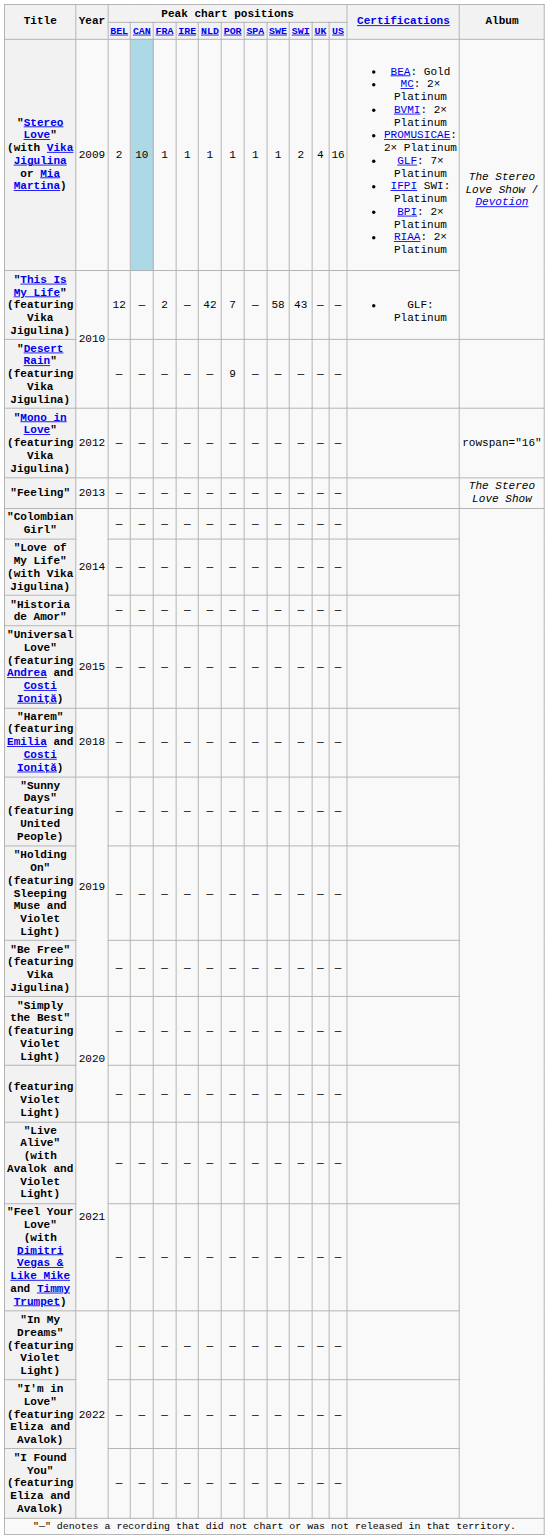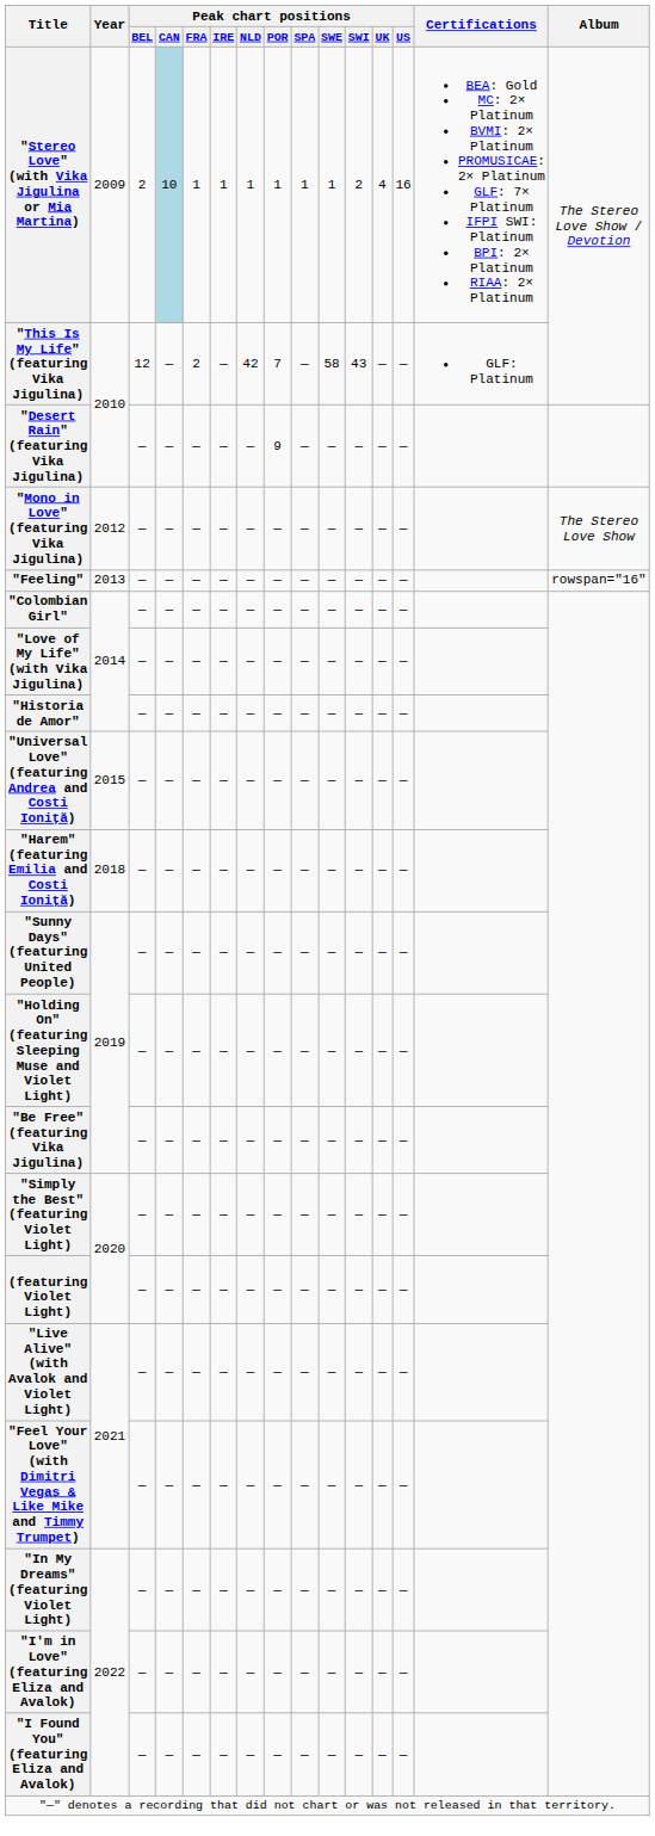 <table class="wikitable plainrowheaders" style="text-align:center;" border="1">
 <tr>
 <th scope="col" rowspan="2" style="width:20em;">Title</th>
 <th scope="col" rowspan="2" style="width:1em;">Year</th>
 <th scope="col" colspan="11">Peak chart positions</th>
 <th scope="col" rowspan="2" style="width:14em;"><a href='#'>Certifications</a></th>
 <th scope="col" rowspan="2" style="width:18em;">Album</th>
 </tr>
 <tr>
 <th style="width:3em;font-size:90%"><a href='#'>BEL</a> <br></th>
 <th style="width:3em;font-size:90%"><a href='#'>CAN</a> <br></th>
 <th style="width:3em;font-size:90%"><a href='#'>FRA</a> <br></th>
 <th style="width:3em;font-size:90%"><a href='#'>IRE</a> <br></th>
 <th style="width:3em;font-size:90%"><a href='#'>NLD</a> <br></th>
 <th style="width:3em;font-size:90%"><a href='#'>POR</a> <br></th>
 <th style="width:3em;font-size:90%"><a href='#'>SPA</a> <br></th>
 <th style="width:3em;font-size:90%"><a href='#'>SWE</a> <br></th>
 <th style="width:3em;font-size:90%"><a href='#'>SWI</a> <br></th>
 <th style="width:3em;font-size:90%"><a href='#'>UK</a> <br></th>
 <th style="width:3em;font-size:90%"><a href='#'>US</a> <br></th>
 </tr>
 <tr>
 <th scope="row">"<a href='#'>Stereo Love</a>" <br><span>(with <a href='#'>Vika Jigulina</a> or <a href='#'>Mia Martina</a>)</span></th>
 <td>2009</td>
 <td>2</td>
 <td style="background: lightblue;">10</td>
 <td>1</td>
 <td>1</td>
 <td>1</td>
 <td>1</td>
 <td>1</td>
 <td>1</td>
 <td>2</td>
 <td>4</td>
 <td>16</td>
 <td><br><ul><li><a href='#'>BEA</a>: Gold</li><li><a href='#'>MC</a>: 2× Platinum</li><li><a href='#'>BVMI</a>: 2× Platinum</li><li><a href='#'>PROMUSICAE</a>: 2× Platinum</li><li><a href='#'>GLF</a>: 7× Platinum</li><li><a href='#'>IFPI</a> SWI: Platinum</li><li><a href='#'>BPI</a>: 2× Platinum</li><li><a href='#'>RIAA</a>: 2× Platinum</li></ul></td>
 <td rowspan="2"><em>The Stereo Love Show</em> /<br><em><a href='#'>Devotion</a></em></td>
 </tr>
 <tr>
 <th scope="row">"<a href='#'>This Is My Life</a>" <br><span>(featuring Vika Jigulina)</span></th>
 <td rowspan="2">2010</td>
 <td>12</td>
 <td>—</td>
 <td>2</td>
 <td>—</td>
 <td>42</td>
 <td>7</td>
 <td>—</td>
 <td>58</td>
 <td>43</td>
 <td>—</td>
 <td>—</td>
 <td><br><ul><li>GLF: Platinum</li></ul></td>
 </tr>
 <tr>
 <th scope="row">"<a href='#'>Desert Rain</a>" <br><span>(featuring Vika Jigulina)</span></th>
 <td>—</td>
 <td>—</td>
 <td>—</td>
 <td>—</td>
 <td>—</td>
 <td>9</td>
 <td>—</td>
 <td>—</td>
 <td>—</td>
 <td>—</td>
 <td>—</td>
 <td></td>
 <td></td>
 </tr>
 <tr>
 <th scope="row">"<a href='#'>Mono in Love</a>" <br><span>(featuring Vika Jigulina)</span></th>
 <td>2012</td>
 <td>—</td>
 <td>—</td>
 <td>—</td>
 <td>—</td>
 <td>—</td>
 <td>—</td>
 <td>—</td>
 <td>—</td>
 <td>—</td>
 <td>—</td>
 <td>—</td>
 <td></td>
-<td>rowspan="16" </td>
+<td><em>The Stereo Love Show</em></td>
 </tr>
 <tr>
 <th scope="row">"Feeling"</th>
 <td>2013</td>
 <td>—</td>
 <td>—</td>
 <td>—</td>
 <td>—</td>
 <td>—</td>
 <td>—</td>
 <td>—</td>
 <td>—</td>
 <td>—</td>
 <td>—</td>
 <td>—</td>
 <td></td>
-<td><em>The Stereo Love Show</em></td>
+<td>rowspan="16" </td>
 </tr>
 <tr>
 <th scope="row">"Colombian Girl"</th>
 <td rowspan="3">2014</td>
 <td>—</td>
 <td>—</td>
 <td>—</td>
 <td>—</td>
 <td>—</td>
 <td>—</td>
 <td>—</td>
 <td>—</td>
 <td>—</td>
 <td>—</td>
 <td>—</td>
 <td></td>
 </tr>
 <tr>
 <th scope="row">"Love of My Life" <br><span>(with Vika Jigulina)</span></th>
 <td>—</td>
 <td>—</td>
 <td>—</td>
 <td>—</td>
 <td>—</td>
 <td>—</td>
 <td>—</td>
 <td>—</td>
 <td>—</td>
 <td>—</td>
 <td>—</td>
 <td></td>
 </tr>
 <tr>
 <th scope="row">"Historia de Amor"</th>
 <td>—</td>
 <td>—</td>
 <td>—</td>
 <td>—</td>
 <td>—</td>
 <td>—</td>
 <td>—</td>
 <td>—</td>
 <td>—</td>
 <td>—</td>
 <td>—</td>
 <td></td>
 </tr>
 <tr>
 <th scope="row">"Universal Love" <br><span>(featuring <a href='#'>Andrea</a> and <a href='#'>Costi Ioniţă</a>)</span></th>
 <td>2015</td>
 <td>—</td>
 <td>—</td>
 <td>—</td>
 <td>—</td>
 <td>—</td>
 <td>—</td>
 <td>—</td>
 <td>—</td>
 <td>—</td>
 <td>—</td>
 <td>—</td>
 <td></td>
 </tr>
 <tr>
 <th scope="row">"Harem" <br><span>(featuring <a href='#'>Emilia</a> and <a href='#'>Costi Ioniţă</a>)</span></th>
 <td>2018</td>
 <td>—</td>
 <td>—</td>
 <td>—</td>
 <td>—</td>
 <td>—</td>
 <td>—</td>
 <td>—</td>
 <td>—</td>
 <td>—</td>
 <td>—</td>
 <td>—</td>
 <td></td>
 </tr>
 <tr>
 <th scope="row">"Sunny Days" <br><span>(featuring United People)</span></th>
 <td rowspan="3">2019</td>
 <td>—</td>
 <td>—</td>
 <td>—</td>
 <td>—</td>
 <td>—</td>
 <td>—</td>
 <td>—</td>
 <td>—</td>
 <td>—</td>
 <td>—</td>
 <td>—</td>
 <td></td>
 </tr>
 <tr>
 <th scope="row">"Holding On" <br><span>(featuring Sleeping Muse and Violet Light)</span></th>
 <td>—</td>
 <td>—</td>
 <td>—</td>
 <td>—</td>
 <td>—</td>
 <td>—</td>
 <td>—</td>
 <td>—</td>
 <td>—</td>
 <td>—</td>
 <td>—</td>
 <td></td>
 </tr>
 <tr>
 <th scope="row">"Be Free" <br><span>(featuring Vika Jigulina)</span></th>
 <td>—</td>
 <td>—</td>
 <td>—</td>
 <td>—</td>
 <td>—</td>
 <td>—</td>
 <td>—</td>
 <td>—</td>
 <td>—</td>
 <td>—</td>
 <td>—</td>
 <td></td>
 </tr>
 <tr>
 <th scope="row">"Simply the Best" <br><span>(featuring Violet Light)</span></th>
 <td rowspan="2">2020</td>
 <td>—</td>
 <td>—</td>
 <td>—</td>
 <td>—</td>
 <td>—</td>
 <td>—</td>
 <td>—</td>
 <td>—</td>
 <td>—</td>
 <td>—</td>
 <td>—</td>
 <td></td>
 </tr>
 <tr>
 <th scope="row"><br><span>(featuring Violet Light)</span></th>
 <td>—</td>
 <td>—</td>
 <td>—</td>
 <td>—</td>
 <td>—</td>
 <td>—</td>
 <td>—</td>
 <td>—</td>
 <td>—</td>
 <td>—</td>
 <td>—</td>
 <td></td>
 </tr>
 <tr>
 <th scope="row">"Live Alive" <br><span>(with Avalok and Violet Light)</span></th>
 <td rowspan="2">2021</td>
 <td>—</td>
 <td>—</td>
 <td>—</td>
 <td>—</td>
 <td>—</td>
 <td>—</td>
 <td>—</td>
 <td>—</td>
 <td>—</td>
 <td>—</td>
 <td>—</td>
 <td></td>
 </tr>
 <tr>
 <th scope="row">"Feel Your Love" <br><span>(with <a href='#'>Dimitri Vegas & Like Mike</a> and <a href='#'>Timmy Trumpet</a>)</span></th>
 <td>—</td>
 <td>—</td>
 <td>—</td>
 <td>—</td>
 <td>—</td>
 <td>—</td>
 <td>—</td>
 <td>—</td>
 <td>—</td>
 <td>—</td>
 <td>—</td>
 <td></td>
 </tr>
 <tr>
 <th scope="row">"In My Dreams" <br><span>(featuring Violet Light)</span></th>
 <td rowspan="3">2022</td>
 <td>—</td>
 <td>—</td>
 <td>—</td>
 <td>—</td>
 <td>—</td>
 <td>—</td>
 <td>—</td>
 <td>—</td>
 <td>—</td>
 <td>—</td>
 <td>—</td>
 <td></td>
 </tr>
 <tr>
 <th scope="row">"I'm in Love" <br><span>(featuring Eliza and Avalok)</span></th>
 <td>—</td>
 <td>—</td>
 <td>—</td>
 <td>—</td>
 <td>—</td>
 <td>—</td>
 <td>—</td>
 <td>—</td>
 <td>—</td>
 <td>—</td>
 <td>—</td>
 <td></td>
 </tr>
 <tr>
 <th scope="row">"I Found You" <br><span>(featuring Eliza and Avalok)</span></th>
 <td>—</td>
 <td>—</td>
 <td>—</td>
 <td>—</td>
 <td>—</td>
 <td>—</td>
 <td>—</td>
 <td>—</td>
 <td>—</td>
 <td>—</td>
 <td>—</td>
 <td></td>
 </tr>
 <tr>
 <td colspan="15" style="font-size:90%">"—" denotes a recording that did not chart or was not released in that territory.</td>
 </tr>
 </table>
